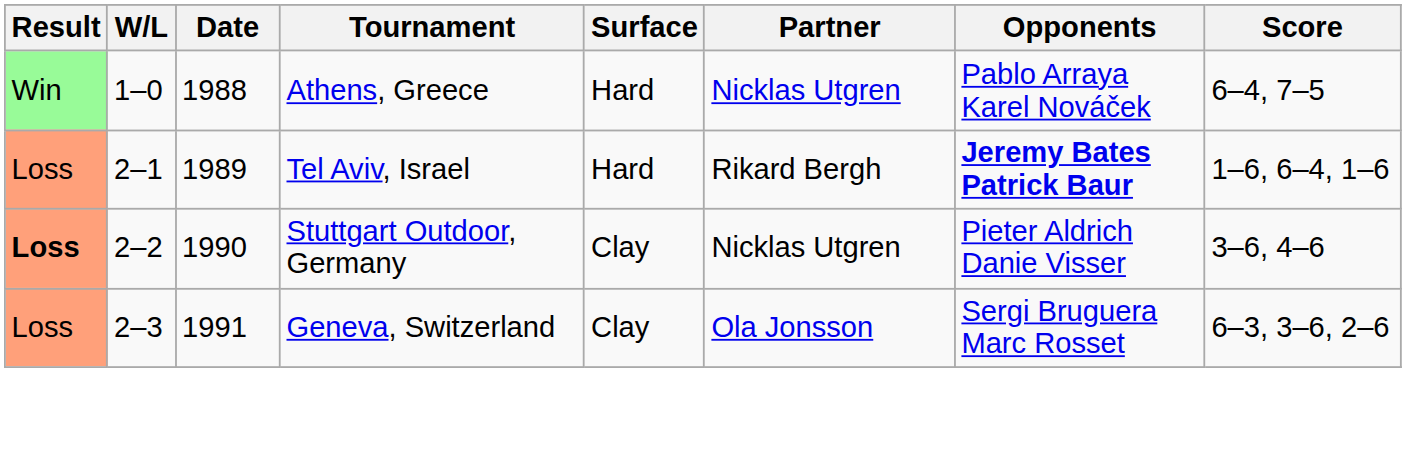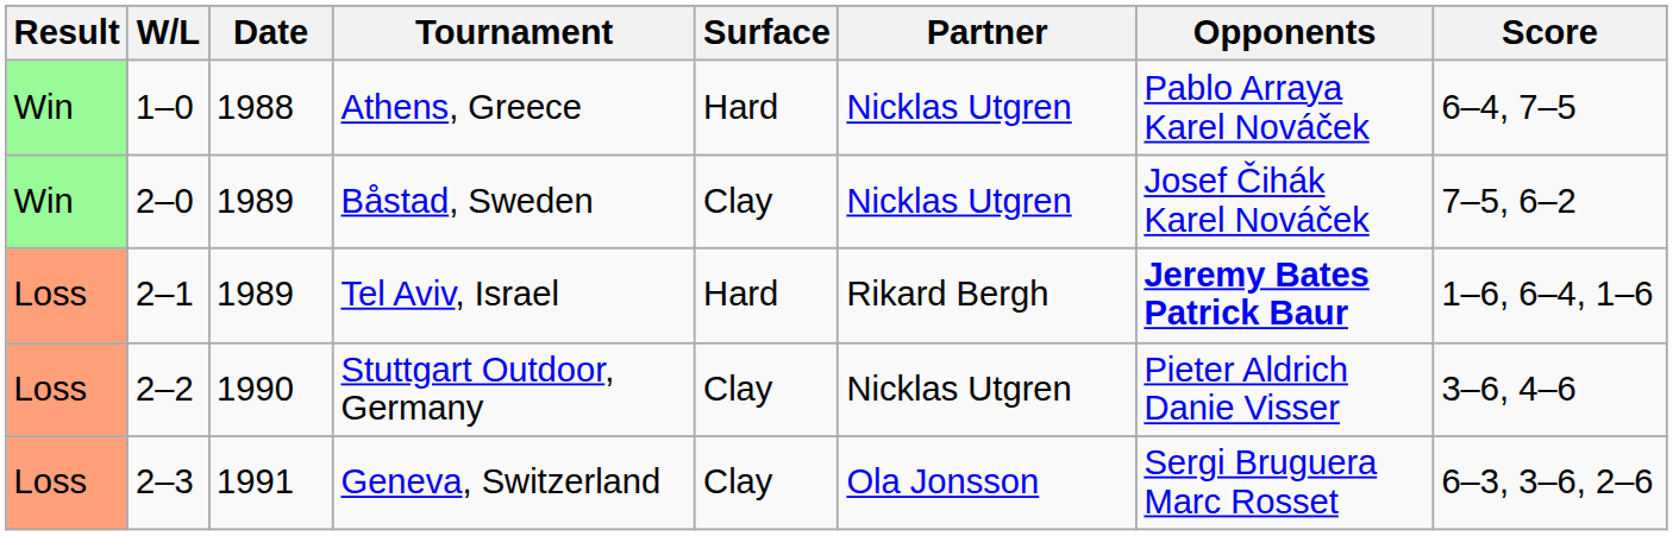 <table class="sortable wikitable">
 <tr>
 <th style="width:45px">Result</th>
 <th style="width:30px" class="unsortable">W/L</th>
 <th style="width:50px">Date</th>
 <th style="width:160px">Tournament</th>
 <th style="width:50px">Surface</th>
 <th style="width:130px">Partner</th>
 <th style="width:130px">Opponents</th>
 <th style="width:100px" class="unsortable">Score</th>
 </tr>
 <tr>
 <td style="background:#98fb98;">Win</td>
 <td>1–0</td>
 <td>1988</td>
 <td><a href='#'>Athens</a>, Greece</td>
 <td>Hard</td>
 <td> <a href='#'>Nicklas Utgren</a></td>
 <td> <a href='#'>Pablo Arraya</a> <br>  <a href='#'>Karel Nováček</a></td>
 <td>6–4, 7–5</td>
 </tr>
 <tr>
+<td style="background:#98fb98;">Win</td>
+<td>2–0</td>
+<td>1989</td>
+<td><a href='#'>Båstad</a>, Sweden</td>
+<td>Clay</td>
+<td> <a href='#'>Nicklas Utgren</a></td>
+<td> <a href='#'>Josef Čihák</a> <br>  <a href='#'>Karel Nováček</a></td>
+<td>7–5, 6–2</td>
+</tr>
+<tr>
 <td style="background:#ffa07a;">Loss</td>
 <td>2–1</td>
 <td>1989</td>
 <td><a href='#'>Tel Aviv</a>, Israel</td>
 <td>Hard</td>
 <td> Rikard Bergh</td>
 <td><strong> <a href='#'>Jeremy Bates</a> <br>  <a href='#'>Patrick Baur</a></strong></td>
 <td>1–6, 6–4, 1–6</td>
 </tr>
 <tr style="background:#d4f10c5">
-<td style="background:#ffa07a;"><strong>Loss</strong></td>
+<td style="background:#ffa07a;">Loss</td>
 <td>2–2</td>
 <td>1990</td>
 <td><a href='#'>Stuttgart Outdoor</a>, Germany</td>
 <td>Clay</td>
 <td> Nicklas Utgren</td>
 <td> <a href='#'>Pieter Aldrich</a> <br>  <a href='#'>Danie Visser</a></td>
 <td>3–6, 4–6</td>
 </tr>
 <tr>
 <td style="background:#ffa07a;">Loss</td>
 <td>2–3</td>
 <td>1991</td>
 <td><a href='#'>Geneva</a>, Switzerland</td>
 <td>Clay</td>
 <td> <a href='#'>Ola Jonsson</a></td>
 <td> <a href='#'>Sergi Bruguera</a> <br>  <a href='#'>Marc Rosset</a></td>
 <td>6–3, 3–6, 2–6</td>
 </tr>
 </table>
